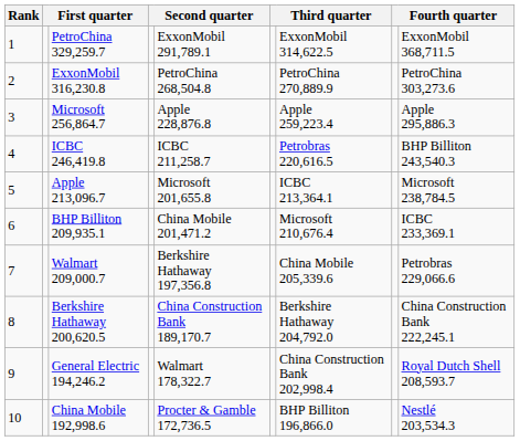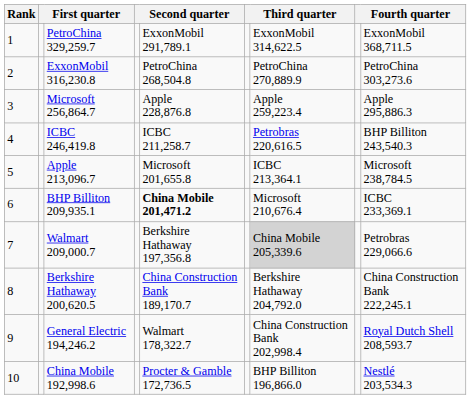 <table class="wikitable">
 <tr>
 <th>Rank</th>
 <th colspan=2>First quarter</th>
 <th colspan=2>Second quarter</th>
 <th colspan=2>Third quarter</th>
 <th colspan=2>Fourth quarter</th>
 </tr>
 <tr>
 <td>1</td>
 <td></td>
 <td><a href='#'>PetroChina</a> <br> 329,259.7</td>
 <td></td>
 <td>ExxonMobil <br> 291,789.1</td>
 <td></td>
 <td>ExxonMobil <br> 314,622.5</td>
 <td></td>
 <td>ExxonMobil <br> 368,711.5</td>
 </tr>
 <tr>
 <td>2</td>
 <td></td>
 <td><a href='#'>ExxonMobil</a> <br> 316,230.8</td>
 <td></td>
 <td>PetroChina <br> 268,504.8</td>
 <td></td>
 <td>PetroChina <br> 270,889.9</td>
 <td></td>
 <td>PetroChina <br> 303,273.6</td>
 </tr>
 <tr>
 <td>3</td>
 <td></td>
 <td><a href='#'>Microsoft</a> <br> 256,864.7</td>
 <td></td>
 <td>Apple <br> 228,876.8</td>
 <td></td>
 <td>Apple <br> 259,223.4</td>
 <td></td>
 <td>Apple <br> 295,886.3</td>
 </tr>
 <tr>
 <td>4</td>
 <td></td>
 <td><a href='#'>ICBC</a> <br> 246,419.8</td>
 <td></td>
 <td>ICBC <br> 211,258.7</td>
 <td></td>
 <td><a href='#'>Petrobras</a> <br> 220,616.5</td>
 <td> <br> </td>
 <td>BHP Billiton <br> 243,540.3</td>
 </tr>
 <tr>
 <td>5</td>
 <td></td>
 <td><a href='#'>Apple</a> <br> 213,096.7</td>
 <td></td>
 <td>Microsoft <br> 201,655.8</td>
 <td></td>
 <td>ICBC <br> 213,364.1</td>
 <td></td>
 <td>Microsoft <br> 238,784.5</td>
 </tr>
 <tr>
 <td>6</td>
 <td> <br> </td>
 <td><a href='#'>BHP Billiton</a> <br> 209,935.1</td>
 <td></td>
-<td>China Mobile <br> 201,471.2</td>
+<td><strong>China Mobile <br> 201,471.2</strong></td>
 <td></td>
 <td>Microsoft <br> 210,676.4</td>
 <td></td>
 <td>ICBC <br> 233,369.1</td>
 </tr>
 <tr>
 <td>7</td>
 <td></td>
 <td><a href='#'>Walmart</a> <br> 209,000.7</td>
 <td></td>
 <td>Berkshire Hathaway <br> 197,356.8</td>
 <td></td>
-<td>China Mobile <br> 205,339.6</td>
+<td style="background: lightgrey;">China Mobile <br> 205,339.6</td>
 <td></td>
 <td>Petrobras <br> 229,066.6</td>
 </tr>
 <tr>
 <td>8</td>
 <td></td>
 <td><a href='#'>Berkshire Hathaway</a> <br> 200,620.5</td>
 <td></td>
 <td><a href='#'>China Construction Bank</a> <br> 189,170.7</td>
 <td></td>
 <td>Berkshire Hathaway <br> 204,792.0</td>
 <td></td>
 <td>China Construction Bank <br> 222,245.1</td>
 </tr>
 <tr>
 <td>9</td>
 <td></td>
 <td><a href='#'>General Electric</a> <br> 194,246.2</td>
 <td></td>
 <td>Walmart <br> 178,322.7</td>
 <td></td>
 <td>China Construction Bank <br> 202,998.4</td>
 <td> <br> </td>
 <td><a href='#'>Royal Dutch Shell</a> <br> 208,593.7</td>
 </tr>
 <tr>
 <td>10</td>
 <td></td>
 <td><a href='#'>China Mobile</a> <br> 192,998.6</td>
 <td></td>
 <td><a href='#'>Procter & Gamble</a> <br> 172,736.5</td>
 <td> <br> </td>
 <td>BHP Billiton <br> 196,866.0</td>
 <td></td>
 <td><a href='#'>Nestlé</a> <br> 203,534.3</td>
 </tr>
 </table>
